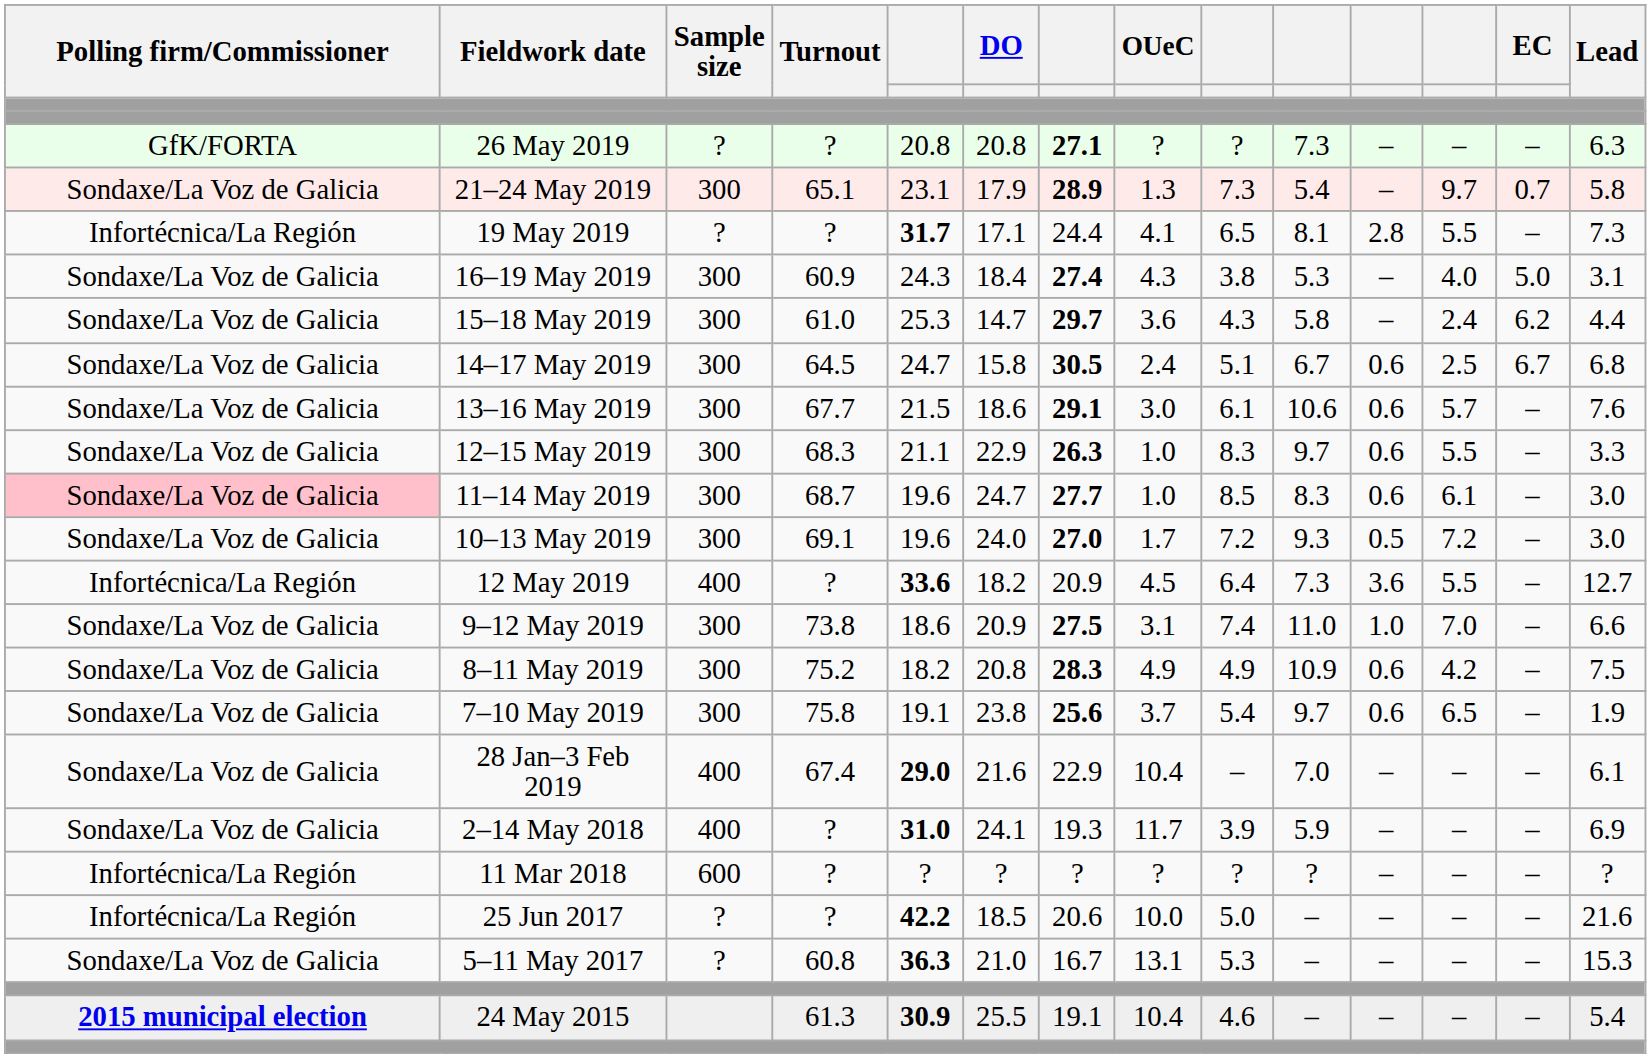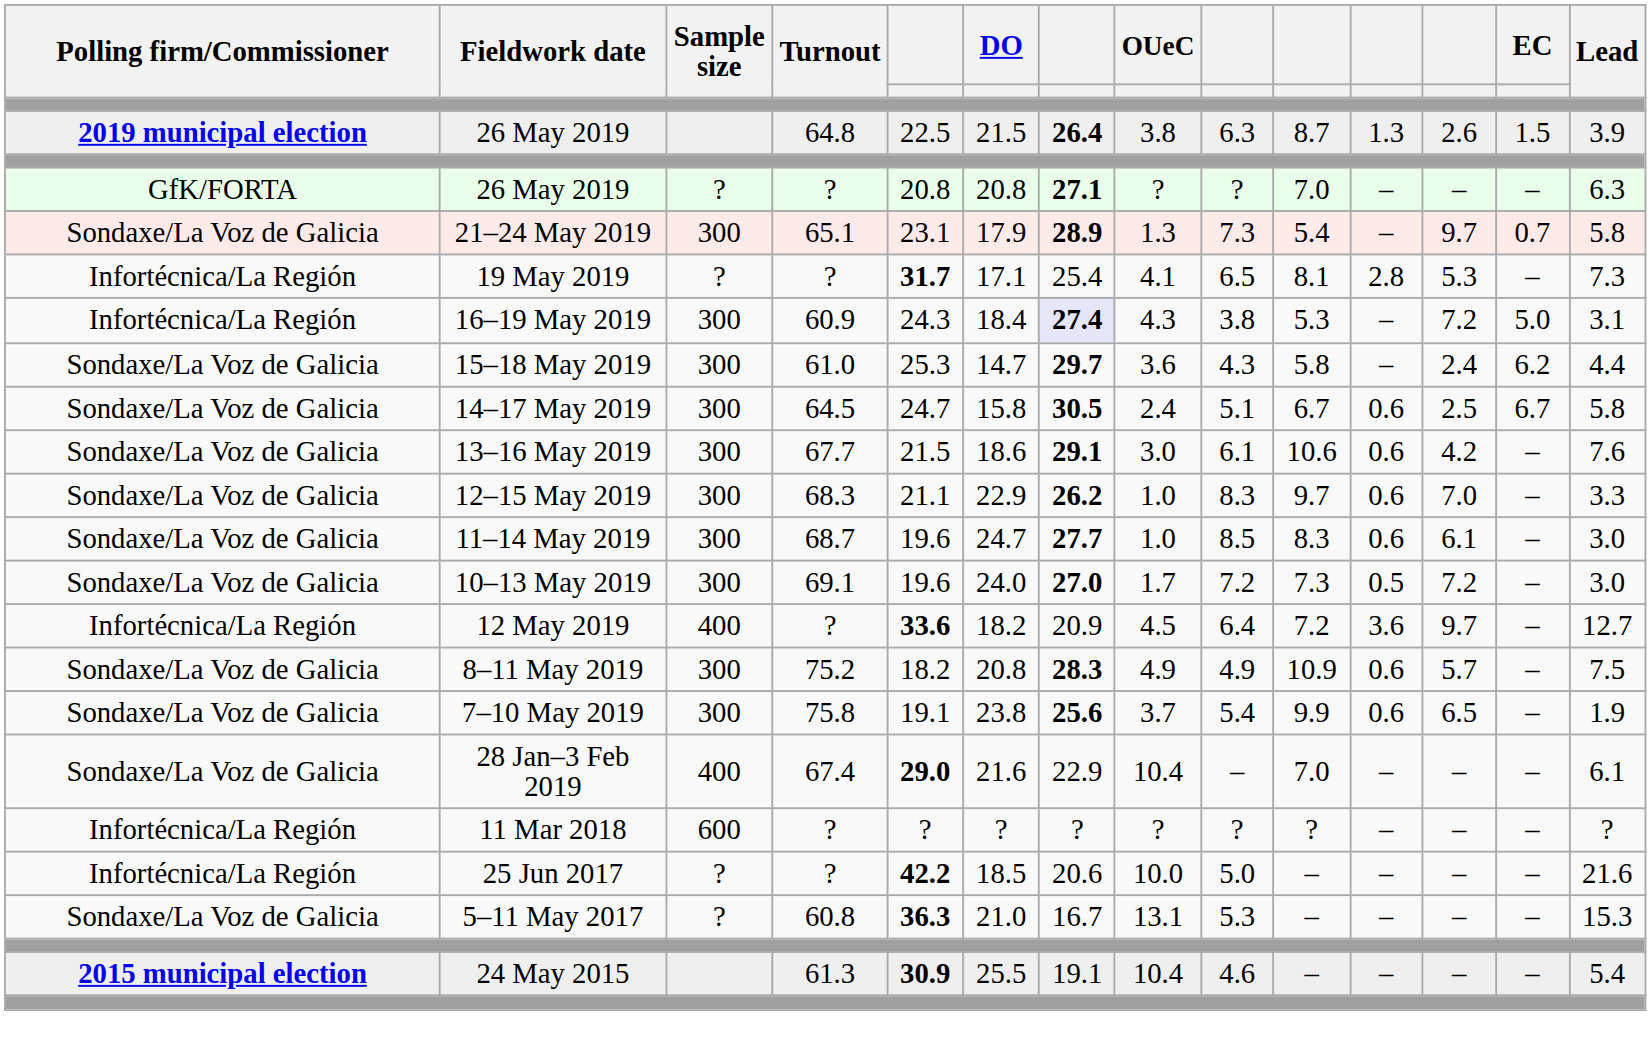 <table class="wikitable collapsible collapsed" style="text-align:center; font-size:95%; line-height:16px;">
 <tr style="height:42px;">
 <th style="width:250px;" rowspan="2">Polling firm/Commissioner</th>
 <th style="width:125px;" rowspan="2">Fieldwork date</th>
 <th style="width:50px;" rowspan="2">Sample size</th>
 <th style="width:45px;" rowspan="2">Turnout</th>
 <th style="width:35px;"></th>
 <th style="width:35px;"><a href='#'>DO</a></th>
 <th style="width:35px;"></th>
 <th style="width:35px; font-size:95%;">OUeC</th>
 <th style="width:35px;"></th>
 <th style="width:35px;"></th>
 <th style="width:35px;"></th>
 <th style="width:35px;"></th>
 <th style="width:35px;">EC</th>
 <th style="width:30px;" rowspan="2">Lead</th>
 </tr>
 <tr>
 <th style="color:inherit;background:"></th>
 <th style="color:inherit;background:"></th>
 <th style="color:inherit;background:"></th>
 <th style="color:inherit;background:"></th>
 <th style="color:inherit;background:"></th>
 <th style="color:inherit;background:"></th>
 <th style="color:inherit;background:"></th>
 <th style="color:inherit;background:"></th>
 <th style="color:inherit;background:"></th>
 </tr>
 <tr>
 <td colspan="14" style="background:#A0A0A0"></td>
 </tr>
+<tr style="background:#EFEFEF;">
+<td><strong><a href='#'>2019 municipal election</a></strong></td>
+<td>26 May 2019</td>
+<td></td>
+<td>64.8</td>
+<td>22.5<br></td>
+<td>21.5<br></td>
+<td><strong>26.4</strong><br></td>
+<td>3.8<br></td>
+<td>6.3<br></td>
+<td>8.7<br></td>
+<td>1.3<br></td>
+<td>2.6<br></td>
+<td>1.5<br></td>
+<td style="background:">3.9</td>
+</tr>
 <tr>
 <td colspan="14" style="background:#A0A0A0"></td>
 </tr>
 <tr style="background:#EAFFEA;">
 <td>GfK/FORTA</td>
 <td>26 May 2019</td>
 <td>?</td>
 <td>?</td>
 <td>20.8<br></td>
 <td>20.8<br></td>
 <td><strong>27.1</strong><br></td>
 <td>?<br></td>
 <td>?<br></td>
-<td>7.3<br></td>
+<td>7.0<br></td>
 <td>–</td>
 <td>–</td>
 <td>–</td>
 <td style="background:">6.3</td>
 </tr>
 <tr style="background:#FFEAEA;">
 <td>Sondaxe/La Voz de Galicia</td>
 <td>21–24 May 2019</td>
 <td>300</td>
 <td>65.1</td>
 <td>23.1<br></td>
 <td>17.9<br></td>
 <td><strong>28.9</strong><br></td>
 <td>1.3<br></td>
 <td>7.3<br></td>
 <td>5.4<br></td>
 <td>–</td>
 <td>9.7<br></td>
 <td>0.7<br></td>
 <td style="background:">5.8</td>
 </tr>
 <tr>
 <td>Infortécnica/La Región</td>
 <td>19 May 2019</td>
 <td>?</td>
 <td>?</td>
 <td><strong>31.7</strong><br></td>
 <td>17.1<br></td>
-<td>24.4<br></td>
+<td>25.4<br></td>
 <td>4.1<br></td>
 <td>6.5<br></td>
 <td>8.1<br></td>
 <td>2.8<br></td>
-<td>5.5<br></td>
+<td>5.3<br></td>
 <td>–</td>
 <td style="background:">7.3</td>
 </tr>
 <tr>
-<td>Sondaxe/La Voz de Galicia</td>
+<td>Infortécnica/La Región</td>
 <td>16–19 May 2019</td>
 <td>300</td>
 <td>60.9</td>
 <td>24.3<br></td>
 <td>18.4<br></td>
-<td><strong>27.4</strong><br></td>
+<td style="background: lavender;"><strong>27.4</strong><br></td>
 <td>4.3<br></td>
 <td>3.8<br></td>
 <td>5.3<br></td>
 <td>–</td>
-<td>4.0<br></td>
+<td>7.2<br></td>
 <td>5.0<br></td>
 <td style="background:">3.1</td>
 </tr>
 <tr>
 <td>Sondaxe/La Voz de Galicia</td>
 <td>15–18 May 2019</td>
 <td>300</td>
 <td>61.0</td>
 <td>25.3<br></td>
 <td>14.7<br></td>
 <td><strong>29.7</strong><br></td>
 <td>3.6<br></td>
 <td>4.3<br></td>
 <td>5.8<br></td>
 <td>–</td>
 <td>2.4<br></td>
 <td>6.2<br></td>
 <td style="background:">4.4</td>
 </tr>
 <tr>
 <td>Sondaxe/La Voz de Galicia</td>
 <td>14–17 May 2019</td>
 <td>300</td>
 <td>64.5</td>
 <td>24.7<br></td>
 <td>15.8<br></td>
 <td><strong>30.5</strong><br></td>
 <td>2.4<br></td>
 <td>5.1<br></td>
 <td>6.7<br></td>
 <td>0.6<br></td>
 <td>2.5<br></td>
 <td>6.7<br></td>
-<td style="background:">6.8</td>
+<td style="background:">5.8</td>
 </tr>
 <tr>
 <td>Sondaxe/La Voz de Galicia</td>
 <td>13–16 May 2019</td>
 <td>300</td>
 <td>67.7</td>
 <td>21.5<br></td>
 <td>18.6<br></td>
 <td><strong>29.1</strong><br></td>
 <td>3.0<br></td>
 <td>6.1<br></td>
 <td>10.6<br></td>
 <td>0.6<br></td>
-<td>5.7<br></td>
+<td>4.2<br></td>
 <td>–</td>
 <td style="background:">7.6</td>
 </tr>
 <tr>
 <td>Sondaxe/La Voz de Galicia</td>
 <td>12–15 May 2019</td>
 <td>300</td>
 <td>68.3</td>
 <td>21.1<br></td>
 <td>22.9<br></td>
-<td><strong>26.3</strong><br></td>
+<td><strong>26.2</strong><br></td>
 <td>1.0<br></td>
 <td>8.3<br></td>
 <td>9.7<br></td>
 <td>0.6<br></td>
-<td>5.5<br></td>
+<td>7.0<br></td>
 <td>–</td>
 <td style="background:">3.3</td>
 </tr>
 <tr>
-<td style="background: pink;">Sondaxe/La Voz de Galicia</td>
+<td>Sondaxe/La Voz de Galicia</td>
 <td>11–14 May 2019</td>
 <td>300</td>
 <td>68.7</td>
 <td>19.6<br></td>
 <td>24.7<br></td>
 <td><strong>27.7</strong><br></td>
 <td>1.0<br></td>
 <td>8.5<br></td>
 <td>8.3<br></td>
 <td>0.6<br></td>
 <td>6.1<br></td>
 <td>–</td>
 <td style="background:">3.0</td>
 </tr>
 <tr>
 <td>Sondaxe/La Voz de Galicia</td>
 <td>10–13 May 2019</td>
 <td>300</td>
 <td>69.1</td>
 <td>19.6<br></td>
 <td>24.0<br></td>
 <td><strong>27.0</strong><br></td>
 <td>1.7<br></td>
 <td>7.2<br></td>
-<td>9.3<br></td>
+<td>7.3<br></td>
 <td>0.5<br></td>
 <td>7.2<br></td>
 <td>–</td>
 <td style="background:">3.0</td>
 </tr>
 <tr>
 <td>Infortécnica/La Región</td>
 <td>12 May 2019</td>
 <td>400</td>
 <td>?</td>
 <td><strong>33.6</strong><br></td>
 <td>18.2<br></td>
 <td>20.9<br></td>
 <td>4.5<br></td>
 <td>6.4<br></td>
-<td>7.3<br></td>
+<td>7.2<br></td>
 <td>3.6<br></td>
-<td>5.5<br></td>
+<td>9.7<br></td>
 <td>–</td>
 <td style="background:">12.7</td>
-</tr>
-<tr>
-<td>Sondaxe/La Voz de Galicia</td>
-<td>9–12 May 2019</td>
-<td>300</td>
-<td>73.8</td>
-<td>18.6<br></td>
-<td>20.9<br></td>
-<td><strong>27.5</strong><br></td>
-<td>3.1<br></td>
-<td>7.4<br></td>
-<td>11.0<br></td>
-<td>1.0<br></td>
-<td>7.0<br></td>
-<td>–</td>
-<td style="background:">6.6</td>
 </tr>
 <tr>
 <td>Sondaxe/La Voz de Galicia</td>
 <td>8–11 May 2019</td>
 <td>300</td>
 <td>75.2</td>
 <td>18.2<br></td>
 <td>20.8<br></td>
 <td><strong>28.3</strong><br></td>
 <td>4.9<br></td>
 <td>4.9<br></td>
 <td>10.9<br></td>
 <td>0.6<br></td>
-<td>4.2<br></td>
+<td>5.7<br></td>
 <td>–</td>
 <td style="background:">7.5</td>
 </tr>
 <tr>
 <td>Sondaxe/La Voz de Galicia</td>
 <td>7–10 May 2019</td>
 <td>300</td>
 <td>75.8</td>
 <td>19.1<br></td>
 <td>23.8<br></td>
 <td><strong>25.6</strong><br></td>
 <td>3.7<br></td>
 <td>5.4<br></td>
-<td>9.7<br></td>
+<td>9.9<br></td>
 <td>0.6<br></td>
 <td>6.5<br></td>
 <td>–</td>
 <td style="background:">1.9</td>
 </tr>
 <tr>
 <td>Sondaxe/La Voz de Galicia</td>
 <td>28 Jan–3 Feb 2019</td>
 <td>400</td>
 <td>67.4</td>
 <td><strong>29.0</strong><br></td>
 <td>21.6<br></td>
 <td>22.9<br></td>
 <td>10.4<br></td>
 <td>–</td>
 <td>7.0<br></td>
 <td>–</td>
 <td>–</td>
 <td>–</td>
 <td style="background:">6.1</td>
-</tr>
-<tr>
-<td>Sondaxe/La Voz de Galicia</td>
-<td>2–14 May 2018</td>
-<td>400</td>
-<td>?</td>
-<td><strong>31.0</strong><br></td>
-<td>24.1<br></td>
-<td>19.3<br></td>
-<td>11.7<br></td>
-<td>3.9<br></td>
-<td>5.9<br></td>
-<td>–</td>
-<td>–</td>
-<td>–</td>
-<td style="background:">6.9</td>
 </tr>
 <tr>
 <td>Infortécnica/La Región</td>
 <td>11 Mar 2018</td>
 <td>600</td>
 <td>?</td>
 <td>?<br></td>
 <td>?<br></td>
 <td>?<br></td>
 <td>?<br></td>
 <td>?<br></td>
 <td>?<br></td>
 <td>–</td>
 <td>–</td>
 <td>–</td>
 <td style="background:">?</td>
 </tr>
 <tr>
 <td>Infortécnica/La Región</td>
 <td>25 Jun 2017</td>
 <td>?</td>
 <td>?</td>
 <td><strong>42.2</strong><br></td>
 <td>18.5<br></td>
 <td>20.6<br></td>
 <td>10.0<br></td>
 <td>5.0<br></td>
 <td>–</td>
 <td>–</td>
 <td>–</td>
 <td>–</td>
 <td style="background:">21.6</td>
 </tr>
 <tr>
 <td>Sondaxe/La Voz de Galicia</td>
 <td>5–11 May 2017</td>
 <td>?</td>
 <td>60.8</td>
 <td><strong>36.3</strong><br></td>
 <td>21.0<br></td>
 <td>16.7<br></td>
 <td>13.1<br></td>
 <td>5.3<br></td>
 <td>–</td>
 <td>–</td>
 <td>–</td>
 <td>–</td>
 <td style="background:">15.3</td>
 </tr>
 <tr>
 <td colspan="14" style="background:#A0A0A0"></td>
 </tr>
 <tr style="background:#EFEFEF;">
 <td><strong><a href='#'>2015 municipal election</a></strong></td>
 <td>24 May 2015</td>
 <td></td>
 <td>61.3</td>
 <td><strong>30.9</strong><br></td>
 <td>25.5<br></td>
 <td>19.1<br></td>
 <td>10.4<br></td>
 <td>4.6<br></td>
 <td>–</td>
 <td>–</td>
 <td>–</td>
 <td>–</td>
 <td style="background:">5.4</td>
 </tr>
 <tr>
 <td colspan="14" style="background:#A0A0A0"></td>
 </tr>
 </table>
